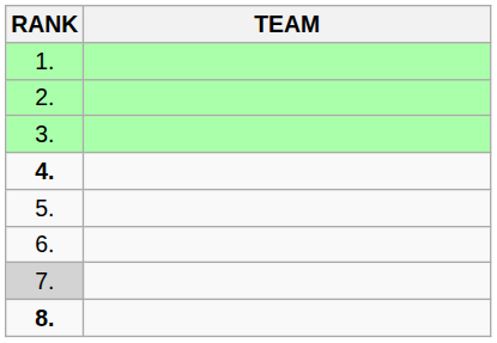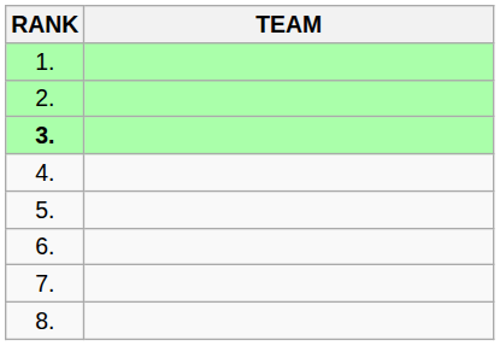 <table class="wikitable" style="border-collapse: collapse; font-size: 90%;">
 <tr>
 <th>RANK</th>
 <th align="left" style="width: 17em">TEAM</th>
 </tr>
 <tr bgcolor=#AAFFAA>
 <td align="center">1.</td>
 <td></td>
 </tr>
 <tr bgcolor=#AAFFAA>
 <td align="center">2.</td>
 <td></td>
 </tr>
 <tr bgcolor=#AAFFAA>
-<td align="center">3.</td>
+<td align="center"><strong>3.</strong></td>
 <td></td>
 </tr>
 <tr>
-<td align="center"><strong>4.</strong></td>
+<td align="center">4.</td>
 <td></td>
 </tr>
 <tr>
 <td align="center">5.</td>
 <td></td>
 </tr>
 <tr>
 <td align="center">6.</td>
 <td></td>
 </tr>
 <tr>
-<td align="center" style="background: lightgrey;">7.</td>
+<td align="center">7.</td>
 <td></td>
 </tr>
 <tr>
-<td align="center"><strong>8.</strong></td>
+<td align="center">8.</td>
 <td></td>
 </tr>
 </table>
